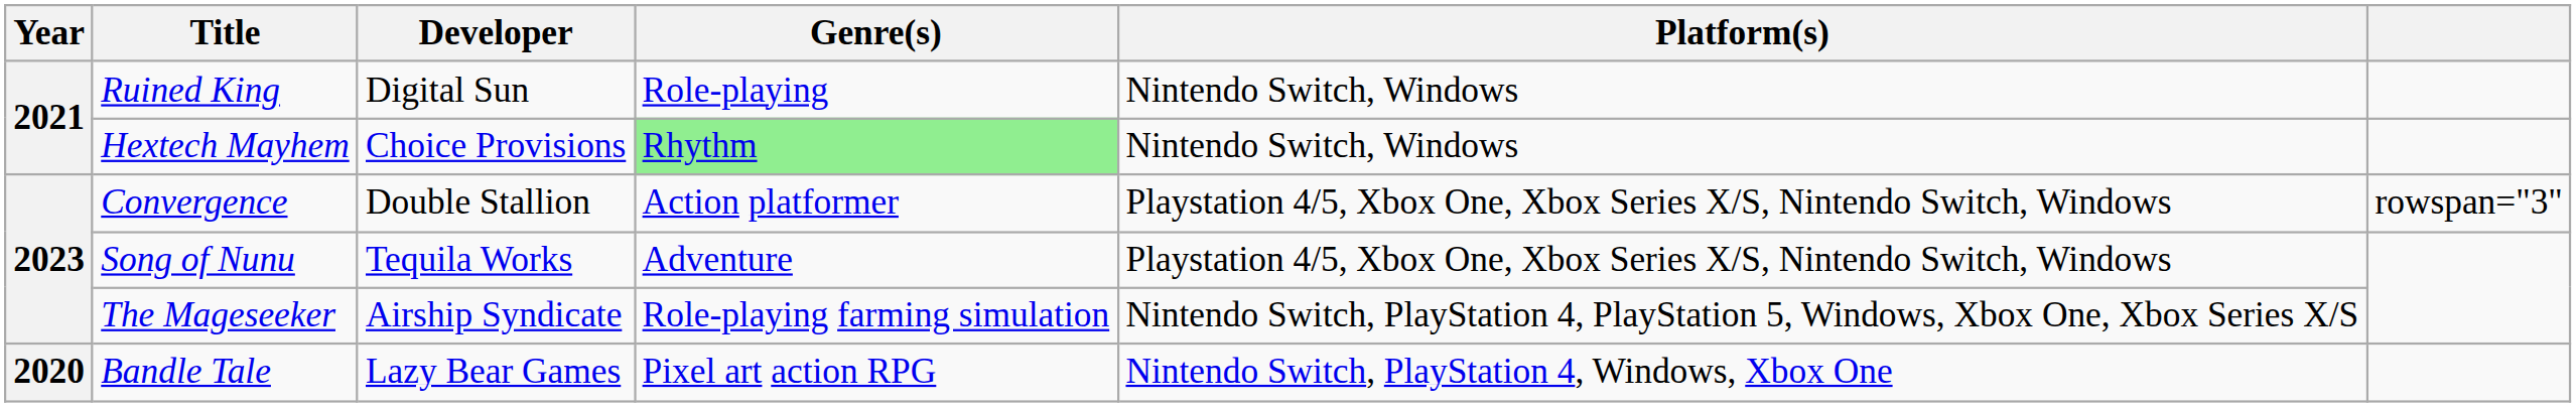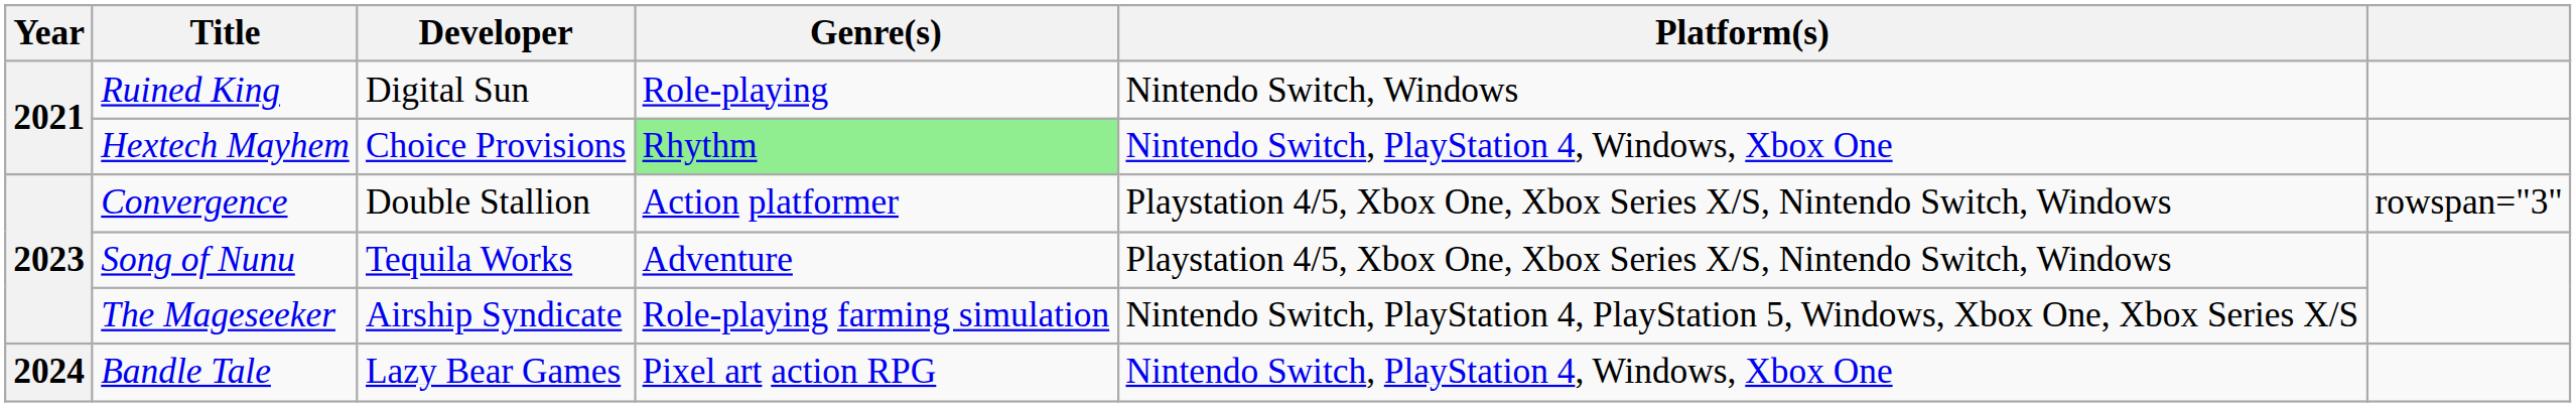 <table class="wikitable sortable plainrowheaders">
 <tr>
 <th scope="col">Year</th>
 <th scope="col">Title</th>
 <th scope="col">Developer</th>
 <th scope="col">Genre(s)</th>
 <th scope="col">Platform(s)</th>
 <th scope="col" class="unsortable"></th>
 </tr>
 <tr>
 <th scope="row" rowspan="2">2021</th>
 <td><em><a href='#'>Ruined King</a></em></td>
 <td>Digital Sun</td>
 <td><a href='#'>Role-playing</a></td>
 <td>Nintendo Switch, Windows</td>
 <td></td>
 </tr>
 <tr>
 <td><em><a href='#'>Hextech Mayhem</a></em></td>
 <td><a href='#'>Choice Provisions</a></td>
 <td style="background: lightgreen;"><a href='#'>Rhythm</a></td>
-<td>Nintendo Switch, Windows</td>
+<td><a href='#'>Nintendo Switch</a>, <a href='#'>PlayStation 4</a>, Windows, <a href='#'>Xbox One</a></td>
 <td></td>
 </tr>
 <tr>
 <th scope="row" rowspan="3">2023</th>
 <td><em><a href='#'>Convergence</a></em></td>
 <td>Double Stallion</td>
 <td><a href='#'>Action</a> <a href='#'>platformer</a></td>
 <td>Playstation 4/5, Xbox One, Xbox Series X/S, Nintendo Switch, Windows</td>
 <td>rowspan="3" </td>
 </tr>
 <tr>
 <td><em><a href='#'>Song of Nunu</a></em></td>
 <td><a href='#'>Tequila Works</a></td>
 <td><a href='#'>Adventure</a></td>
 <td>Playstation 4/5, Xbox One, Xbox Series X/S, Nintendo Switch, Windows</td>
 </tr>
 <tr>
 <td><em><a href='#'>The Mageseeker</a></em></td>
 <td><a href='#'>Airship Syndicate</a></td>
 <td><a href='#'>Role-playing</a> <a href='#'>farming simulation</a></td>
 <td>Nintendo Switch, PlayStation 4, PlayStation 5, Windows, Xbox One, Xbox Series X/S</td>
 </tr>
 <tr>
-<th scope="row">2020</th>
+<th scope="row">2024</th>
 <td><em><a href='#'>Bandle Tale</a></em></td>
 <td><a href='#'>Lazy Bear Games</a></td>
 <td><a href='#'>Pixel art</a> <a href='#'>action RPG</a></td>
 <td><a href='#'>Nintendo Switch</a>, <a href='#'>PlayStation 4</a>, Windows, <a href='#'>Xbox One</a></td>
 <td></td>
 </tr>
 </table>
